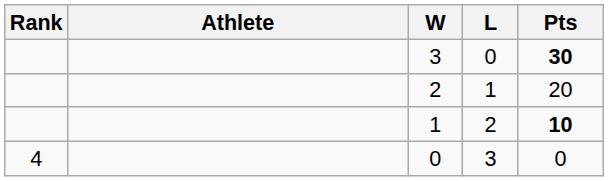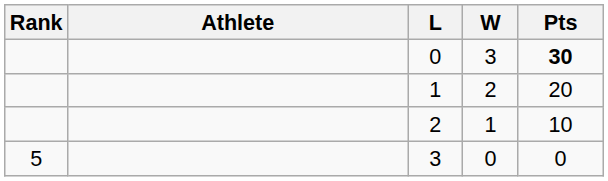 <table class="wikitable" style="text-align: center; font-size:90% ">
 <tr>
 <th width="20">Rank</th>
 <th width="220">Athlete</th>
+<th width="30">L</th>
 <th width="30">W</th>
-<th width="30">L</th>
 <th width="50">Pts</th>
 </tr>
 <tr>
 <td></td>
 <td align=left><strong></strong></td>
+<td>0</td>
 <td>3</td>
-<td>0</td>
 <td><strong>30</strong></td>
+</tr>
+<tr>
+<td></td>
+<td align=left><strong></strong></td>
+<td>1</td>
+<td>2</td>
+<td>20</td>
 </tr>
 <tr>
 <td></td>
 <td align=left><strong></strong></td>
 <td>2</td>
 <td>1</td>
-<td>20</td>
+<td>10</td>
 </tr>
 <tr>
-<td></td>
-<td align=left><strong></strong></td>
-<td>1</td>
-<td>2</td>
-<td><strong>10</strong></td>
-</tr>
-<tr>
-<td>4</td>
+<td>5</td>
 <td align=left></td>
+<td>3</td>
 <td>0</td>
-<td>3</td>
 <td>0</td>
 </tr>
 </table>
